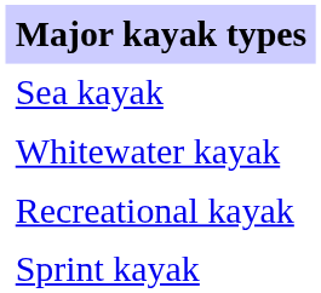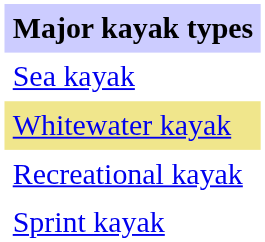 <table class="toccolours" align="right" cellpadding="4" cellspacing="0" style="margin:0 0 1em 1em; font-size=90%;">
 <tr>
 <th bgcolor="#ccccff" align="center">Major kayak types</th>
 </tr>
 <tr>
 <td><a href='#'>Sea kayak</a></td>
 </tr>
 <tr>
-<td><a href='#'>Whitewater kayak</a></td>
+<td style="background: khaki;"><a href='#'>Whitewater kayak</a></td>
 </tr>
 <tr>
 <td><a href='#'>Recreational kayak</a></td>
 </tr>
 <tr>
 <td><a href='#'>Sprint kayak</a></td>
 </tr>
 </table>
